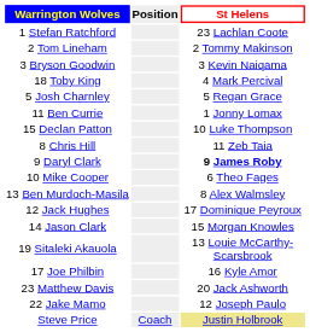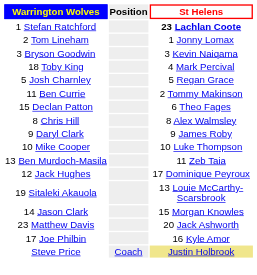 <table style="float:center; font-size:90%; text-align:center;">
 <tr>
 <th style="width:148px; background:blue; color:yellow; border:2px solid blue;">Warrington Wolves</th>
 <th style="background:#eee; color:black;">Position</th>
 <th style="width:148px; background:white; color:red; border:2px solid red;">St Helens</th>
 </tr>
 <tr>
 <td>1 <a href='#'>Stefan Ratchford</a></td>
 <td style="background:#eee;"></td>
-<td>23 <a href='#'>Lachlan Coote</a></td>
+<td><strong>23 <a href='#'>Lachlan Coote</a></strong></td>
 </tr>
 <tr>
 <td>2 <a href='#'>Tom Lineham</a></td>
 <td style="background:#eee;"></td>
-<td>2 <a href='#'>Tommy Makinson</a></td>
+<td>1 <a href='#'>Jonny Lomax</a></td>
 </tr>
 <tr>
 <td>3 <a href='#'>Bryson Goodwin</a></td>
 <td style="background:#eee;"></td>
 <td>3 <a href='#'>Kevin Naiqama</a></td>
 </tr>
 <tr>
 <td>18 <a href='#'>Toby King</a></td>
 <td style="background:#eee;"></td>
 <td>4 <a href='#'>Mark Percival</a></td>
 </tr>
 <tr>
 <td>5 <a href='#'>Josh Charnley</a></td>
 <td style="background:#eee;"></td>
 <td>5 <a href='#'>Regan Grace</a></td>
 </tr>
 <tr>
 <td>11 <a href='#'>Ben Currie</a></td>
 <td style="background:#eee;"></td>
-<td>1 <a href='#'>Jonny Lomax</a></td>
+<td>2 <a href='#'>Tommy Makinson</a></td>
 </tr>
 <tr>
 <td>15 <a href='#'>Declan Patton</a></td>
 <td style="background:#eee;"></td>
-<td>10 <a href='#'>Luke Thompson</a></td>
+<td>6 <a href='#'>Theo Fages</a></td>
 </tr>
 <tr>
 <td>8 <a href='#'>Chris Hill</a></td>
 <td style="background:#eee;"></td>
-<td>11 <a href='#'>Zeb Taia</a></td>
+<td>8 <a href='#'>Alex Walmsley</a></td>
 </tr>
 <tr>
 <td>9 <a href='#'>Daryl Clark</a></td>
 <td style="background:#eee;"></td>
-<td><strong>9 <a href='#'>James Roby</a></strong></td>
+<td>9 <a href='#'>James Roby</a></td>
 </tr>
 <tr>
 <td>10 <a href='#'>Mike Cooper</a></td>
 <td style="background:#eee;"></td>
-<td>6 <a href='#'>Theo Fages</a></td>
+<td>10 <a href='#'>Luke Thompson</a></td>
 </tr>
 <tr>
 <td>13 <a href='#'>Ben Murdoch-Masila</a></td>
 <td style="background:#eee;"></td>
-<td>8 <a href='#'>Alex Walmsley</a></td>
+<td>11 <a href='#'>Zeb Taia</a></td>
 </tr>
 <tr>
 <td>12 <a href='#'>Jack Hughes</a></td>
 <td style="background:#eee;"></td>
 <td>17 <a href='#'>Dominique Peyroux</a></td>
 </tr>
 <tr>
+<td>19 <a href='#'>Sitaleki Akauola</a></td>
+<td style="background:#eee;"></td>
+<td>13 <a href='#'>Louie McCarthy-Scarsbrook</a></td>
+</tr>
+<tr>
 <td>14 <a href='#'>Jason Clark</a></td>
 <td style="background:#eee;"></td>
 <td>15 <a href='#'>Morgan Knowles</a></td>
 </tr>
 <tr>
-<td>19 <a href='#'>Sitaleki Akauola</a></td>
+<td>23 <a href='#'>Matthew Davis</a></td>
 <td style="background:#eee;"></td>
-<td>13 <a href='#'>Louie McCarthy-Scarsbrook</a></td>
+<td>20 <a href='#'>Jack Ashworth</a></td>
 </tr>
 <tr>
 <td>17 <a href='#'>Joe Philbin</a></td>
 <td style="background:#eee;"></td>
 <td>16 <a href='#'>Kyle Amor</a></td>
 </tr>
 <tr>
-<td>23 <a href='#'>Matthew Davis</a></td>
-<td style="background:#eee;"></td>
-<td>20 <a href='#'>Jack Ashworth</a></td>
-</tr>
-<tr>
-<td>22 <a href='#'>Jake Mamo</a></td>
-<td style="background:#eee;"></td>
-<td>12 <a href='#'>Joseph Paulo</a></td>
-</tr>
-<tr>
 <td><a href='#'>Steve Price</a></td>
 <td style="background:#eee;"><a href='#'>Coach</a></td>
 <td style="background: khaki;"><a href='#'>Justin Holbrook</a></td>
 </tr>
 </table>
